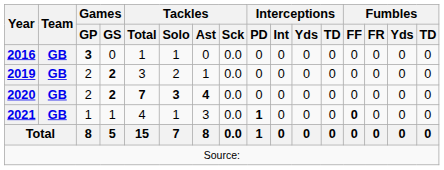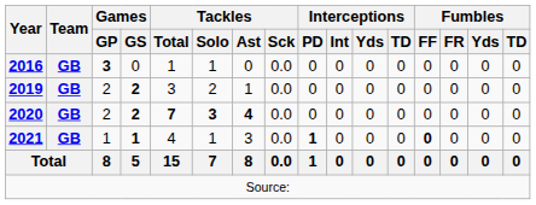 <table class="wikitable" style="text-align: center;">
 <tr>
 <th rowspan="2">Year</th>
 <th rowspan="2">Team</th>
 <th colspan="2">Games</th>
 <th colspan="4">Tackles</th>
 <th colspan="4">Interceptions</th>
 <th colspan="4">Fumbles</th>
 </tr>
 <tr>
 <th>GP</th>
 <th>GS</th>
 <th>Total</th>
 <th>Solo</th>
 <th>Ast</th>
 <th>Sck</th>
 <th>PD</th>
 <th>Int</th>
 <th>Yds</th>
 <th>TD</th>
 <th>FF</th>
 <th>FR</th>
 <th>Yds</th>
 <th>TD</th>
 </tr>
 <tr>
 <th><a href='#'>2016</a></th>
 <th><a href='#'>GB</a></th>
 <td><strong>3</strong></td>
 <td>0</td>
 <td>1</td>
 <td>1</td>
 <td>0</td>
 <td>0.0</td>
 <td>0</td>
 <td>0</td>
 <td>0</td>
 <td>0</td>
 <td>0</td>
 <td>0</td>
 <td>0</td>
 <td>0</td>
 </tr>
 <tr>
 <th><a href='#'>2019</a></th>
 <th><a href='#'>GB</a></th>
 <td>2</td>
 <td><strong>2</strong></td>
 <td>3</td>
 <td>2</td>
 <td>1</td>
 <td>0.0</td>
 <td>0</td>
 <td>0</td>
 <td>0</td>
 <td>0</td>
 <td>0</td>
 <td>0</td>
 <td>0</td>
 <td>0</td>
 </tr>
 <tr>
 <th><a href='#'>2020</a></th>
 <th><a href='#'>GB</a></th>
 <td>2</td>
 <td><strong>2</strong></td>
 <td><strong>7</strong></td>
 <td><strong>3</strong></td>
 <td><strong>4</strong></td>
 <td>0.0</td>
 <td>0</td>
 <td>0</td>
 <td>0</td>
 <td>0</td>
 <td>0</td>
 <td>0</td>
 <td>0</td>
 <td>0</td>
 </tr>
 <tr>
 <th><a href='#'>2021</a></th>
 <th><a href='#'>GB</a></th>
 <td>1</td>
-<td>1</td>
+<td><strong>1</strong></td>
 <td>4</td>
 <td>1</td>
 <td>3</td>
 <td>0.0</td>
 <td><strong>1</strong></td>
 <td>0</td>
 <td>0</td>
 <td>0</td>
 <td><strong>0</strong></td>
 <td>0</td>
 <td>0</td>
 <td>0</td>
 </tr>
 <tr>
 <th colspan="2">Total</th>
 <th>8</th>
 <th>5</th>
 <th>15</th>
 <th>7</th>
 <th>8</th>
 <th>0.0</th>
 <th>1</th>
 <th>0</th>
 <th>0</th>
 <th>0</th>
 <th>0</th>
 <th>0</th>
 <th>0</th>
 <th>0</th>
 </tr>
 <tr>
 <td colspan="16"><small>Source: </small></td>
 </tr>
 </table>
